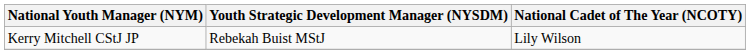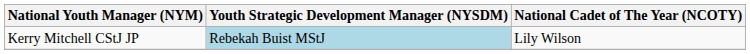 <table class="wikitable" border="1">
 <tr>
 <th>National Youth Manager (NYM)</th>
 <th>Youth Strategic Development Manager (NYSDM)</th>
 <th>National Cadet of The Year (NCOTY)</th>
 </tr>
 <tr>
 <td>Kerry Mitchell CStJ JP</td>
-<td>Rebekah Buist MStJ</td>
+<td style="background: lightblue;">Rebekah Buist MStJ</td>
 <td>Lily Wilson</td>
 </tr>
 <tr>
 </tr>
 </table>
